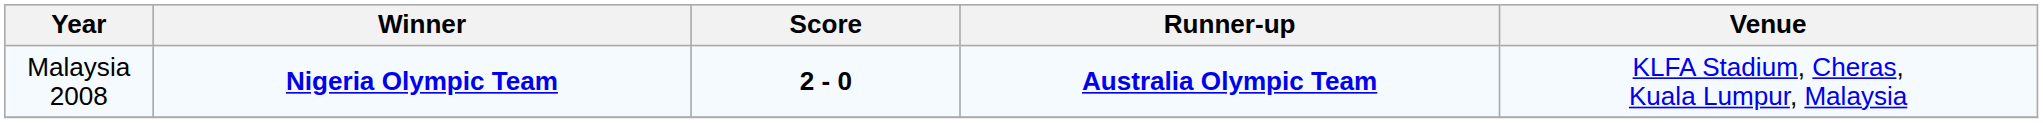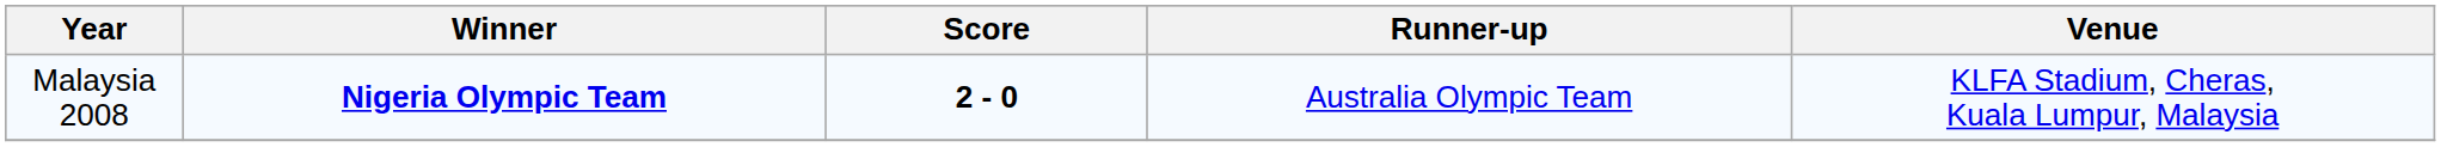 <table class="wikitable" style="text-align: center;">
 <tr>
 <th width=5%>Year</th>
 <th width=20%>Winner</th>
 <th width=10%>Score</th>
 <th width=20%>Runner-up</th>
 <th width=20%>Venue</th>
 </tr>
 <tr align=center bgcolor=#F5FAFF>
 <td>Malaysia 2008</td>
 <td> <strong><a href='#'>Nigeria Olympic Team</a></strong></td>
 <td><strong>2 - 0</strong><br></td>
-<td><strong> <a href='#'>Australia Olympic Team</a></strong></td>
+<td> <a href='#'>Australia Olympic Team</a></td>
 <td><a href='#'>KLFA Stadium</a>, <a href='#'>Cheras</a>,<br><a href='#'>Kuala Lumpur</a>, <a href='#'>Malaysia</a></td>
 </tr>
 <tr>
 </tr>
 </table>
